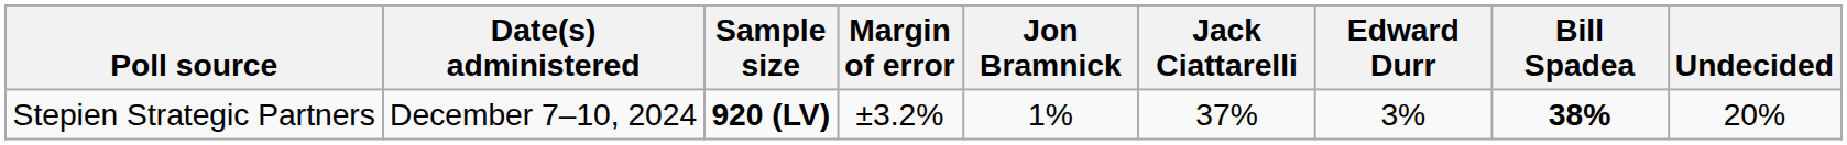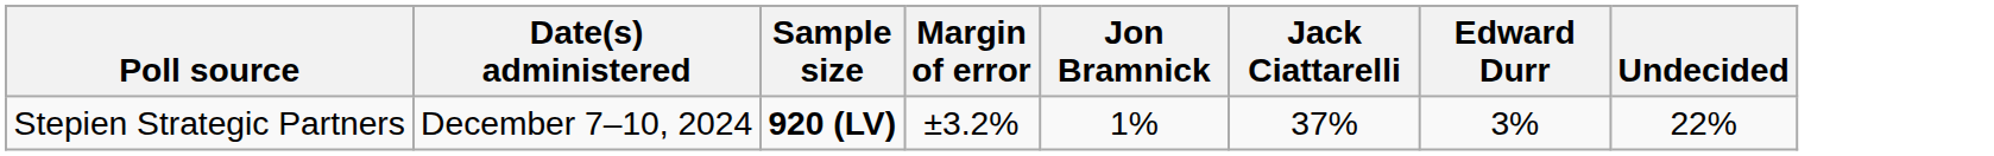 <table class="wikitable" style="font-size:90%;text-align:center;">
 <tr valign=bottom>
 <th>Poll source</th>
 <th>Date(s)<br>administered</th>
 <th>Sample<br>size</th>
 <th>Margin<br>of error</th>
 <th style="width:75px;">Jon<br>Bramnick</th>
 <th style="width:75px;">Jack<br>Ciattarelli</th>
 <th style="width:75px;">Edward<br>Durr</th>
-<th style="width:75px;">Bill<br>Spadea</th>
 <th>Undecided</th>
 </tr>
 <tr>
 <td style="text-align:left">Stepien Strategic Partners</td>
 <td>December 7–10, 2024</td>
 <td><strong>920 (LV)</strong></td>
 <td>±3.2%</td>
 <td>1%</td>
 <td>37%</td>
 <td>3%</td>
-<td><strong>38%</strong></td>
-<td>20%</td>
+<td>22%</td>
 </tr>
 </table>
